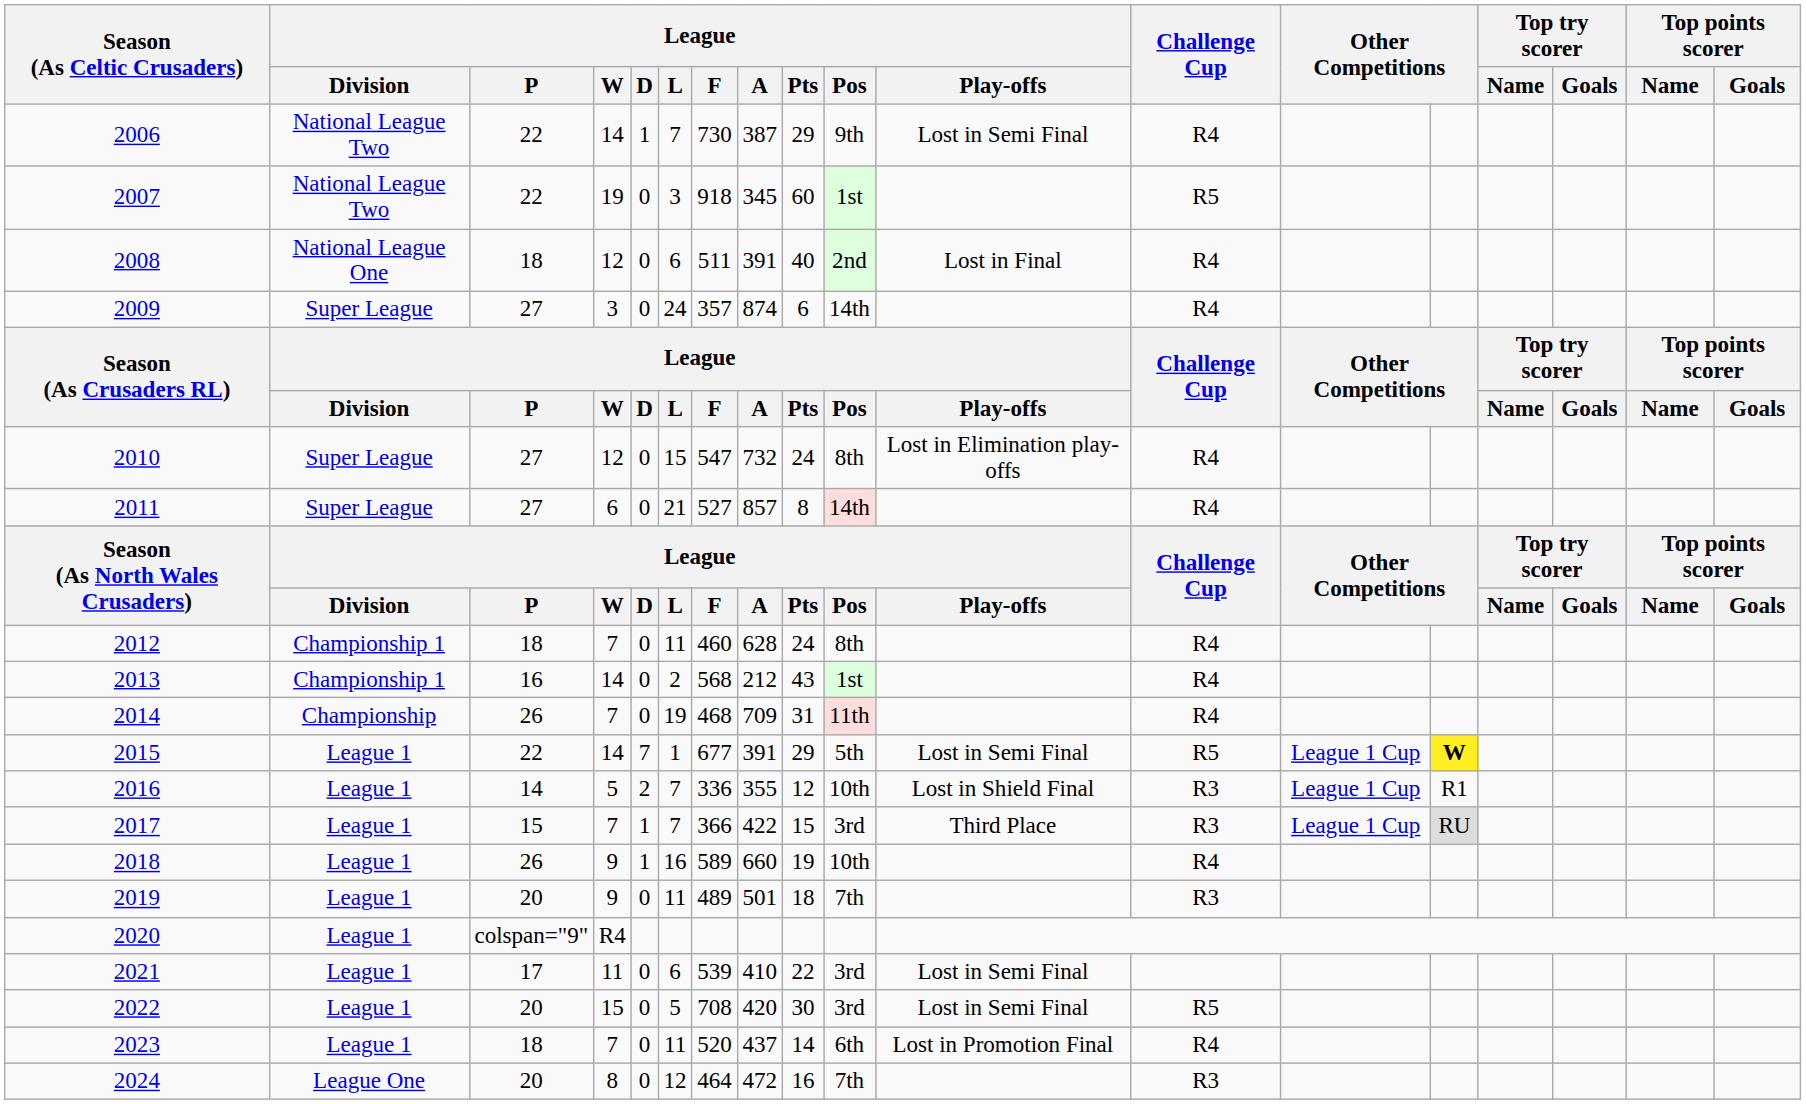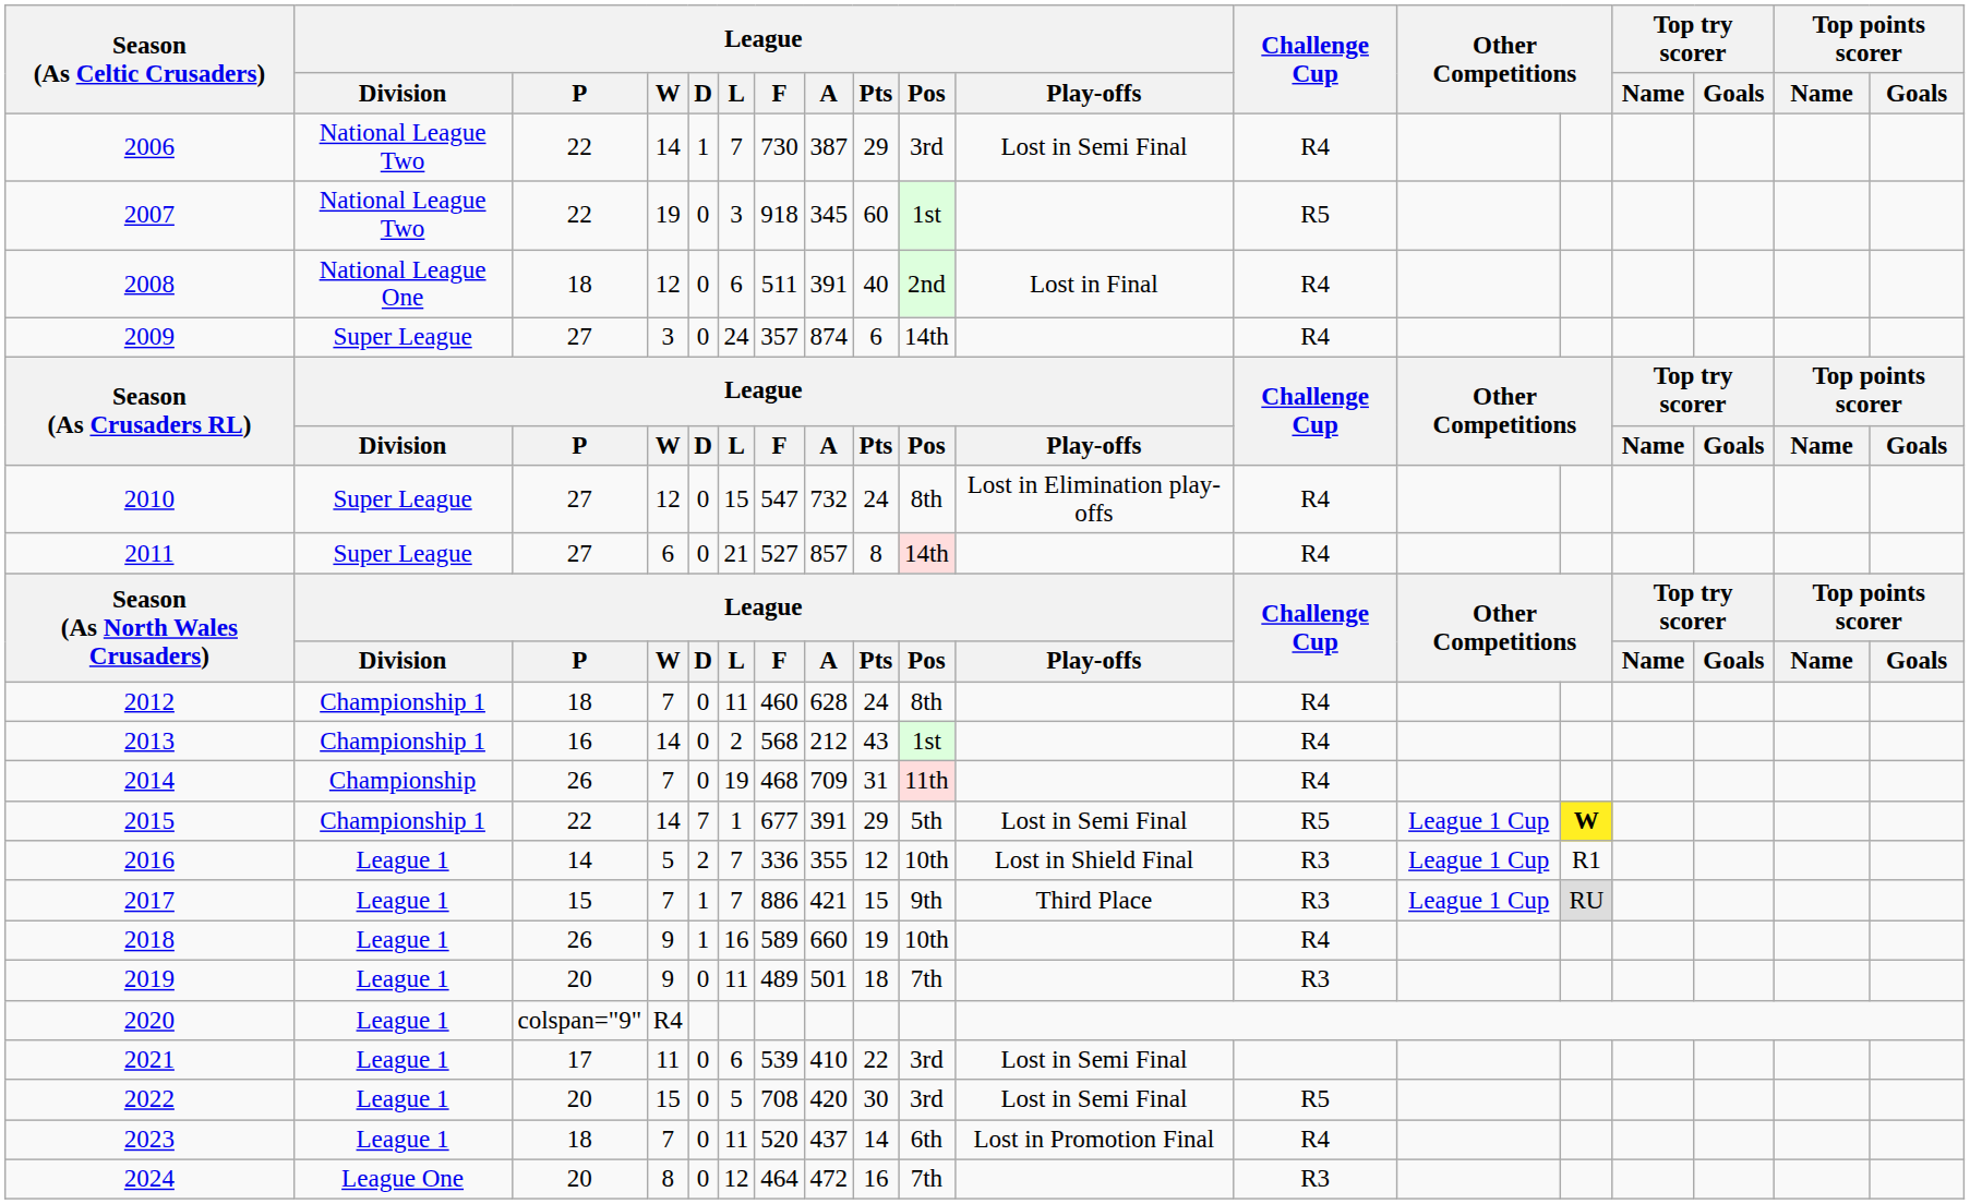 <table class="wikitable" style="text-align: center">
 <tr>
 <th rowspan=2>Season<br>(As  <a href='#'>Celtic Crusaders</a>)</th>
 <th colspan=10>League</th>
 <th rowspan=2><a href='#'>Challenge Cup</a></th>
 <th rowspan=2 colspan=2>Other Competitions</th>
 <th colspan=2>Top try scorer</th>
 <th colspan=2>Top points scorer</th>
 </tr>
 <tr>
 <th>Division</th>
 <th>P</th>
 <th>W</th>
 <th>D</th>
 <th>L</th>
 <th>F</th>
 <th>A</th>
 <th>Pts</th>
 <th>Pos</th>
 <th>Play-offs</th>
 <th>Name</th>
 <th>Goals</th>
 <th>Name</th>
 <th>Goals</th>
 </tr>
 <tr>
 <td><a href='#'>2006</a></td>
 <td><a href='#'>National League Two</a></td>
 <td>22</td>
 <td>14</td>
 <td>1</td>
 <td>7</td>
 <td>730</td>
 <td>387</td>
 <td>29</td>
-<td>9th</td>
+<td>3rd</td>
 <td>Lost in Semi Final</td>
 <td>R4</td>
 <td></td>
 <td></td>
 <td></td>
 <td></td>
 <td></td>
 <td></td>
 </tr>
 <tr>
 <td><a href='#'>2007</a></td>
 <td><a href='#'>National League Two</a></td>
 <td>22</td>
 <td>19</td>
 <td>0</td>
 <td>3</td>
 <td>918</td>
 <td>345</td>
 <td>60</td>
 <td style="background:#ddffdd">1st</td>
 <td></td>
 <td>R5</td>
 <td></td>
 <td></td>
 <td></td>
 <td></td>
 <td></td>
 <td></td>
 </tr>
 <tr>
 <td><a href='#'>2008</a></td>
 <td><a href='#'>National League One</a></td>
 <td>18</td>
 <td>12</td>
 <td>0</td>
 <td>6</td>
 <td>511</td>
 <td>391</td>
 <td>40</td>
 <td style="background:#ddffdd">2nd</td>
 <td>Lost in Final</td>
 <td>R4</td>
 <td></td>
 <td></td>
 <td></td>
 <td></td>
 <td></td>
 <td></td>
 </tr>
 <tr>
 <td><a href='#'>2009</a></td>
 <td><a href='#'>Super League</a></td>
 <td>27</td>
 <td>3</td>
 <td>0</td>
 <td>24</td>
 <td>357</td>
 <td>874</td>
 <td>6</td>
 <td>14th</td>
 <td></td>
 <td>R4</td>
 <td></td>
 <td></td>
 <td></td>
 <td></td>
 <td></td>
 <td></td>
 </tr>
 <tr>
 <th rowspan=2>Season<br>(As  <a href='#'>Crusaders RL</a>)</th>
 <th colspan=10>League</th>
 <th rowspan=2><a href='#'>Challenge Cup</a></th>
 <th rowspan=2 colspan=2>Other Competitions</th>
 <th colspan=2>Top try scorer</th>
 <th colspan=2>Top points scorer</th>
 </tr>
 <tr>
 <th>Division</th>
 <th>P</th>
 <th>W</th>
 <th>D</th>
 <th>L</th>
 <th>F</th>
 <th>A</th>
 <th>Pts</th>
 <th>Pos</th>
 <th>Play-offs</th>
 <th>Name</th>
 <th>Goals</th>
 <th>Name</th>
 <th>Goals</th>
 </tr>
 <tr>
 <td><a href='#'>2010</a></td>
 <td><a href='#'>Super League</a></td>
 <td>27</td>
 <td>12</td>
 <td>0</td>
 <td>15</td>
 <td>547</td>
 <td>732</td>
 <td>24</td>
 <td>8th</td>
 <td>Lost in Elimination play-offs</td>
 <td>R4</td>
 <td></td>
 <td></td>
 <td></td>
 <td></td>
 <td></td>
 <td></td>
 </tr>
 <tr>
 <td><a href='#'>2011</a></td>
 <td><a href='#'>Super League</a></td>
 <td>27</td>
 <td>6</td>
 <td>0</td>
 <td>21</td>
 <td>527</td>
 <td>857</td>
 <td>8</td>
 <td style="background:#ffdddd">14th</td>
 <td></td>
 <td>R4</td>
 <td></td>
 <td></td>
 <td></td>
 <td></td>
 <td></td>
 <td></td>
 </tr>
 <tr>
 <th rowspan=2>Season<br>(As  <a href='#'>North Wales Crusaders</a>)</th>
 <th colspan=10>League</th>
 <th rowspan=2><a href='#'>Challenge Cup</a></th>
 <th rowspan=2 colspan=2>Other Competitions</th>
 <th colspan=2>Top try scorer</th>
 <th colspan=2>Top points scorer</th>
 </tr>
 <tr>
 <th>Division</th>
 <th>P</th>
 <th>W</th>
 <th>D</th>
 <th>L</th>
 <th>F</th>
 <th>A</th>
 <th>Pts</th>
 <th>Pos</th>
 <th>Play-offs</th>
 <th>Name</th>
 <th>Goals</th>
 <th>Name</th>
 <th>Goals</th>
 </tr>
 <tr>
 <td><a href='#'>2012</a></td>
 <td><a href='#'>Championship 1</a></td>
 <td>18</td>
 <td>7</td>
 <td>0</td>
 <td>11</td>
 <td>460</td>
 <td>628</td>
 <td>24</td>
 <td>8th</td>
 <td></td>
 <td>R4</td>
 <td></td>
 <td></td>
 <td></td>
 <td></td>
 <td></td>
 <td></td>
 </tr>
 <tr>
 <td><a href='#'>2013</a></td>
 <td><a href='#'>Championship 1</a></td>
 <td>16</td>
 <td>14</td>
 <td>0</td>
 <td>2</td>
 <td>568</td>
 <td>212</td>
 <td>43</td>
 <td style="background:#ddffdd">1st</td>
 <td></td>
 <td>R4</td>
 <td></td>
 <td></td>
 <td></td>
 <td></td>
 <td></td>
 <td></td>
 </tr>
 <tr>
 <td><a href='#'>2014</a></td>
 <td><a href='#'>Championship</a></td>
 <td>26</td>
 <td>7</td>
 <td>0</td>
 <td>19</td>
 <td>468</td>
 <td>709</td>
 <td>31</td>
 <td style="background:#ffdddd">11th</td>
 <td></td>
 <td>R4</td>
 <td></td>
 <td></td>
 <td></td>
 <td></td>
 <td></td>
 <td></td>
 </tr>
 <tr>
 <td><a href='#'>2015</a></td>
-<td><a href='#'>League 1</a></td>
+<td><a href='#'>Championship 1</a></td>
 <td>22</td>
 <td>14</td>
 <td>7</td>
 <td>1</td>
 <td>677</td>
 <td>391</td>
 <td>29</td>
 <td>5th</td>
 <td>Lost in Semi Final</td>
 <td>R5</td>
 <td><a href='#'>League 1 Cup</a></td>
 <td style="background-color:#FE2"><strong>W</strong></td>
 <td></td>
 <td></td>
 <td></td>
 <td></td>
 </tr>
 <tr>
 <td><a href='#'>2016</a></td>
 <td><a href='#'>League 1</a></td>
 <td>14</td>
 <td>5</td>
 <td>2</td>
 <td>7</td>
 <td>336</td>
 <td>355</td>
 <td>12</td>
 <td>10th</td>
 <td>Lost in Shield Final</td>
 <td>R3</td>
 <td><a href='#'>League 1 Cup</a></td>
 <td>R1</td>
 <td></td>
 <td></td>
 <td></td>
 <td></td>
 </tr>
 <tr>
 <td><a href='#'>2017</a></td>
 <td><a href='#'>League 1</a></td>
 <td>15</td>
 <td>7</td>
 <td>1</td>
 <td>7</td>
-<td>366</td>
-<td>422</td>
+<td>886</td>
+<td>421</td>
 <td>15</td>
-<td>3rd</td>
+<td>9th</td>
 <td>Third Place</td>
 <td>R3</td>
 <td><a href='#'>League 1 Cup</a></td>
 <td style="background-color:#DDD">RU</td>
 <td></td>
 <td></td>
 <td></td>
 <td></td>
 </tr>
 <tr>
 <td><a href='#'>2018</a></td>
 <td><a href='#'>League 1</a></td>
 <td>26</td>
 <td>9</td>
 <td>1</td>
 <td>16</td>
 <td>589</td>
 <td>660</td>
 <td>19</td>
 <td>10th</td>
 <td></td>
 <td>R4</td>
 <td></td>
 <td></td>
 <td></td>
 <td></td>
 <td></td>
 <td></td>
 </tr>
 <tr>
 <td><a href='#'>2019</a></td>
 <td><a href='#'>League 1</a></td>
 <td>20</td>
 <td>9</td>
 <td>0</td>
 <td>11</td>
 <td>489</td>
 <td>501</td>
 <td>18</td>
 <td>7th</td>
 <td></td>
 <td>R3</td>
 <td></td>
 <td></td>
 <td></td>
 <td></td>
 <td></td>
 <td></td>
 </tr>
 <tr>
 <td><a href='#'>2020</a></td>
 <td><a href='#'>League 1</a></td>
 <td>colspan="9"</td>
 <td>R4</td>
 <td></td>
 <td></td>
 <td></td>
 <td></td>
 <td></td>
 <td></td>
 </tr>
 <tr>
 <td><a href='#'>2021</a></td>
 <td><a href='#'>League 1</a></td>
 <td>17</td>
 <td>11</td>
 <td>0</td>
 <td>6</td>
 <td>539</td>
 <td>410</td>
 <td>22</td>
 <td>3rd</td>
 <td>Lost in Semi Final</td>
 <td></td>
 <td></td>
 <td></td>
 <td></td>
 <td></td>
 <td></td>
 <td></td>
 </tr>
 <tr>
 <td><a href='#'>2022</a></td>
 <td><a href='#'>League 1</a></td>
 <td>20</td>
 <td>15</td>
 <td>0</td>
 <td>5</td>
 <td>708</td>
 <td>420</td>
 <td>30</td>
 <td>3rd</td>
 <td>Lost in Semi Final</td>
 <td>R5</td>
 <td></td>
 <td></td>
 <td></td>
 <td></td>
 <td></td>
 <td></td>
 </tr>
 <tr>
 <td><a href='#'>2023</a></td>
 <td><a href='#'>League 1</a></td>
 <td>18</td>
 <td>7</td>
 <td>0</td>
 <td>11</td>
 <td>520</td>
 <td>437</td>
 <td>14</td>
 <td>6th</td>
 <td>Lost in Promotion Final</td>
 <td>R4</td>
 <td></td>
 <td></td>
 <td></td>
 <td></td>
 <td></td>
 <td></td>
 </tr>
 <tr>
 <td><a href='#'>2024</a></td>
 <td><a href='#'>League One</a></td>
 <td>20</td>
 <td>8</td>
 <td>0</td>
 <td>12</td>
 <td>464</td>
 <td>472</td>
 <td>16</td>
 <td>7th</td>
 <td></td>
 <td>R3</td>
 <td></td>
 <td></td>
 <td></td>
 <td></td>
 <td></td>
 <td></td>
 </tr>
 </table>
